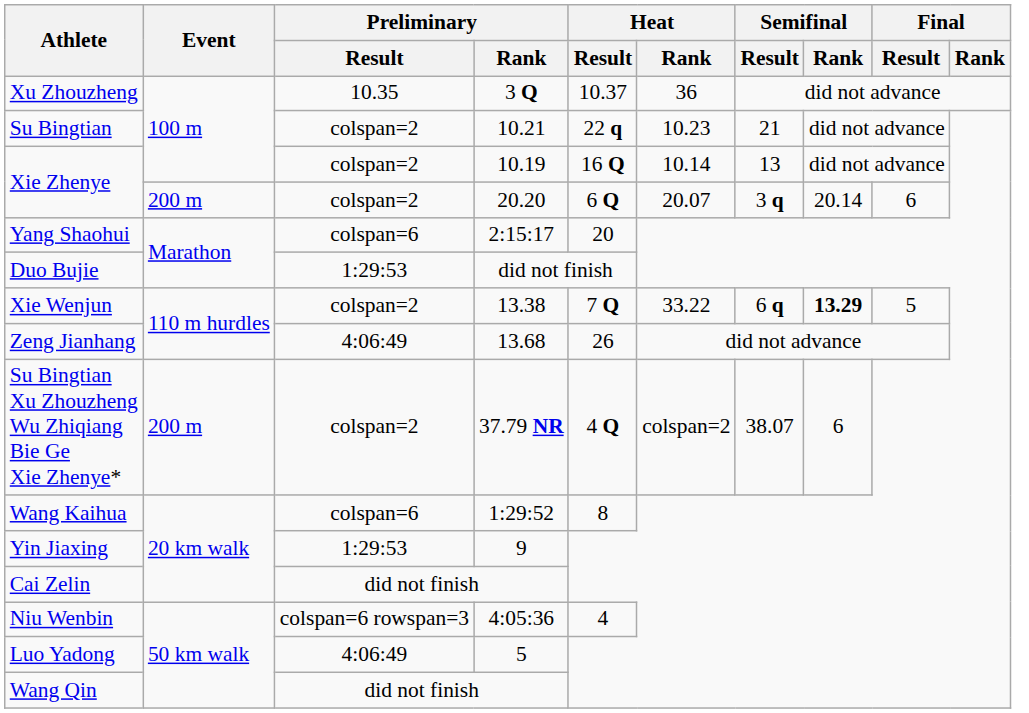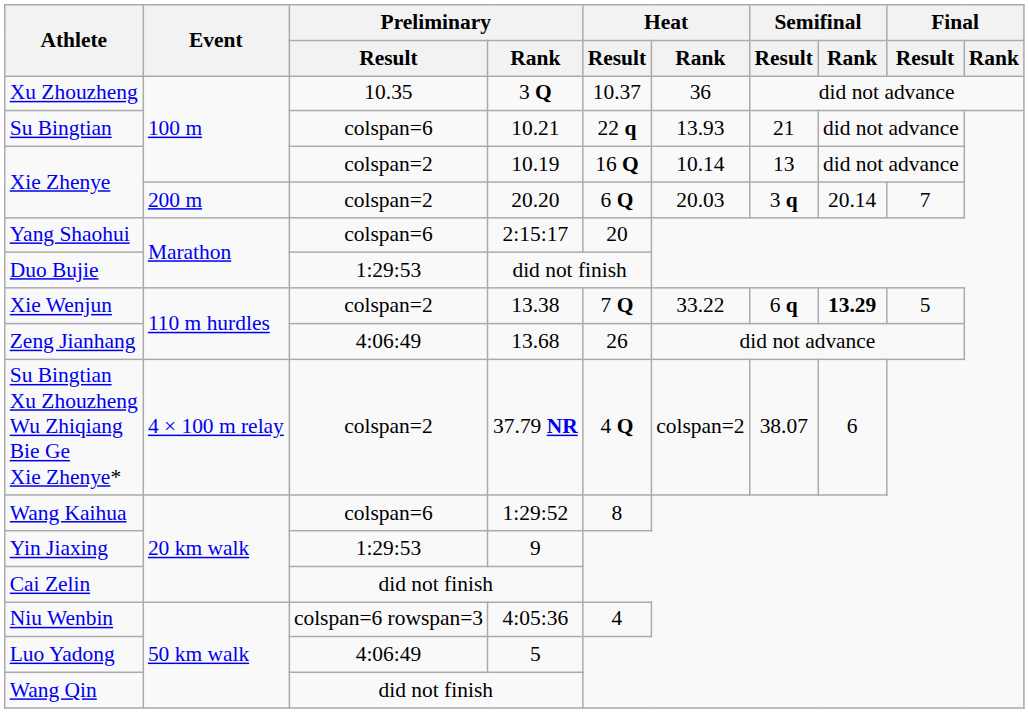 <table class="wikitable"  style=font-size:90%>
 <tr>
 <th rowspan="2">Athlete</th>
 <th rowspan="2">Event</th>
 <th colspan="2">Preliminary</th>
 <th colspan="2">Heat</th>
 <th colspan="2">Semifinal</th>
 <th colspan="2">Final</th>
 </tr>
 <tr>
 <th>Result</th>
 <th>Rank</th>
 <th>Result</th>
 <th>Rank</th>
 <th>Result</th>
 <th>Rank</th>
 <th>Result</th>
 <th>Rank</th>
 </tr>
 <tr style=text-align:center>
 <td style=text-align:left><a href='#'>Xu Zhouzheng</a></td>
 <td style=text-align:left rowspan=3><a href='#'>100 m</a></td>
 <td>10.35</td>
 <td>3 <strong>Q</strong></td>
 <td>10.37</td>
 <td>36</td>
 <td colspan=4>did not advance</td>
 </tr>
 <tr style=text-align:center>
 <td style=text-align:left><a href='#'>Su Bingtian</a></td>
-<td>colspan=2</td>
+<td>colspan=6</td>
 <td>10.21</td>
 <td>22 <strong>q</strong></td>
-<td>10.23</td>
+<td>13.93</td>
 <td>21</td>
 <td colspan=2>did not advance</td>
 </tr>
 <tr style=text-align:center>
 <td style=text-align:left rowspan=2><a href='#'>Xie Zhenye</a></td>
 <td>colspan=2</td>
 <td>10.19</td>
 <td>16 <strong>Q</strong></td>
 <td>10.14</td>
 <td>13</td>
 <td colspan=2>did not advance</td>
 </tr>
 <tr style=text-align:center>
 <td style=text-align:left><a href='#'>200 m</a></td>
 <td>colspan=2</td>
 <td>20.20</td>
 <td>6 <strong>Q</strong></td>
-<td>20.07</td>
+<td>20.03</td>
 <td>3 <strong>q</strong></td>
 <td>20.14</td>
-<td>6</td>
+<td>7</td>
 </tr>
 <tr style=text-align:center>
 <td style=text-align:left><a href='#'>Yang Shaohui</a></td>
 <td style=text-align:left rowspan=2><a href='#'>Marathon</a></td>
 <td>colspan=6</td>
 <td>2:15:17</td>
 <td>20</td>
 </tr>
 <tr style=text-align:center>
 <td style=text-align:left><a href='#'>Duo Bujie</a></td>
 <td>1:29:53</td>
 <td colspan=2>did not finish</td>
 </tr>
 <tr style=text-align:center>
 <td style=text-align:left><a href='#'>Xie Wenjun</a></td>
 <td style=text-align:left rowspan=2><a href='#'>110 m hurdles</a></td>
 <td>colspan=2</td>
 <td>13.38</td>
 <td>7 <strong>Q</strong></td>
 <td>33.22</td>
 <td>6 <strong>q</strong></td>
 <td><strong>13.29</strong></td>
 <td>5</td>
 </tr>
 <tr style=text-align:center>
 <td style=text-align:left><a href='#'>Zeng Jianhang</a></td>
 <td>4:06:49</td>
 <td>13.68</td>
 <td>26</td>
 <td colspan=4>did not advance</td>
 </tr>
 <tr style=text-align:center>
 <td style=text-align:left><a href='#'>Su Bingtian</a> <br> <a href='#'>Xu Zhouzheng</a><br> <a href='#'>Wu Zhiqiang</a><br> <a href='#'>Bie Ge</a><br><a href='#'>Xie Zhenye</a>*</td>
-<td style=text-align:left><a href='#'>200 m</a></td>
+<td style=text-align:left><a href='#'>4 × 100 m relay</a></td>
 <td>colspan=2</td>
 <td>37.79 <strong><a href='#'>NR</a></strong></td>
 <td>4 <strong>Q</strong></td>
 <td>colspan=2</td>
 <td>38.07</td>
 <td>6</td>
 </tr>
 <tr style=text-align:center>
 <td style=text-align:left><a href='#'>Wang Kaihua</a></td>
 <td style=text-align:left rowspan=3><a href='#'>20 km walk</a></td>
 <td>colspan=6</td>
 <td>1:29:52</td>
 <td>8</td>
 </tr>
 <tr style=text-align:center>
 <td style=text-align:left><a href='#'>Yin Jiaxing</a></td>
 <td>1:29:53</td>
 <td>9</td>
 </tr>
 <tr style=text-align:center>
 <td style=text-align:left><a href='#'>Cai Zelin</a></td>
 <td colspan=2>did not finish</td>
 </tr>
 <tr style=text-align:center>
 <td style=text-align:left><a href='#'>Niu Wenbin</a></td>
 <td style=text-align:left rowspan=3><a href='#'>50 km walk</a></td>
 <td>colspan=6 rowspan=3</td>
 <td>4:05:36</td>
 <td>4</td>
 </tr>
 <tr style=text-align:center>
 <td style=text-align:left><a href='#'>Luo Yadong</a></td>
 <td>4:06:49</td>
 <td>5</td>
 </tr>
 <tr style=text-align:center>
 <td style=text-align:left><a href='#'>Wang Qin</a></td>
 <td colspan=2>did not finish</td>
 </tr>
 </table>
